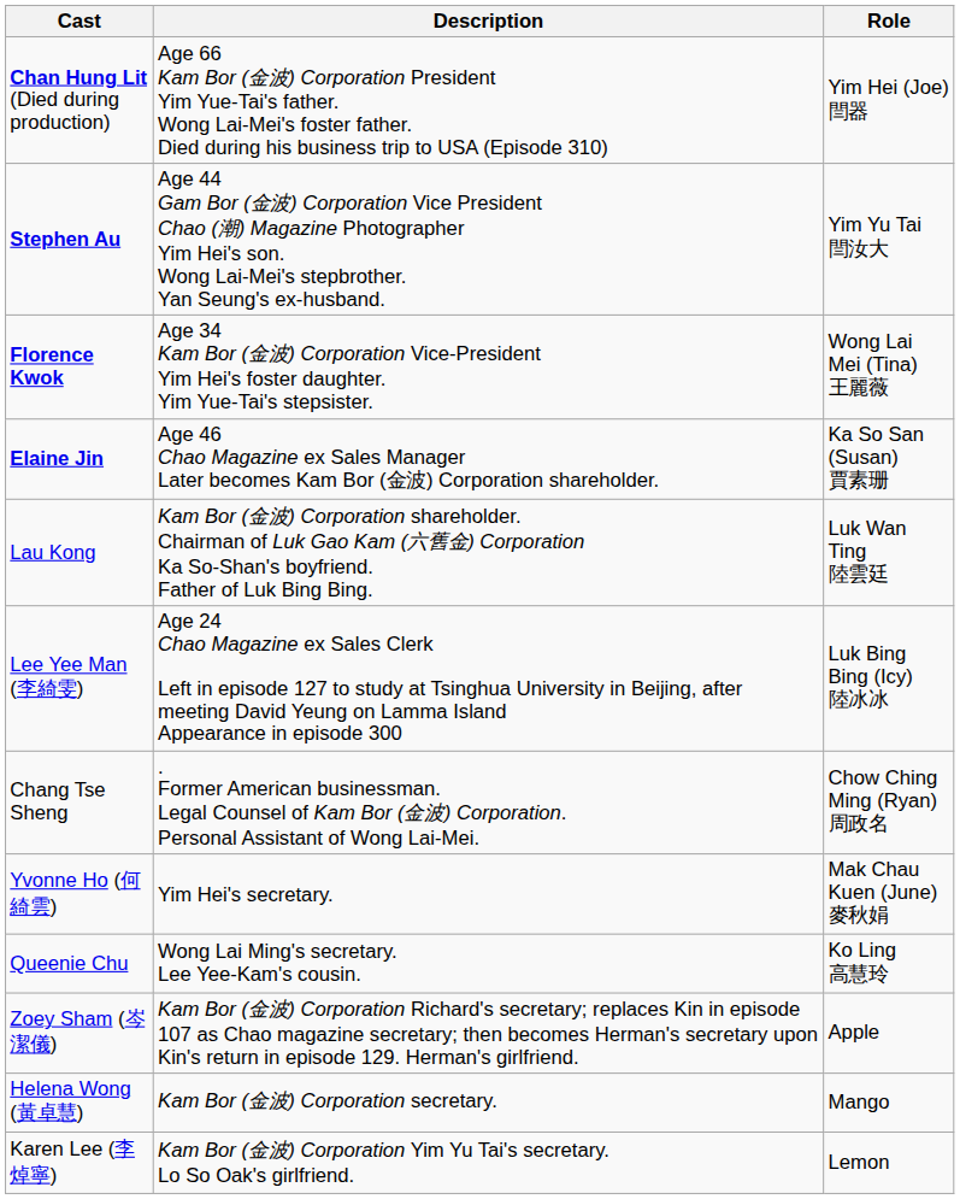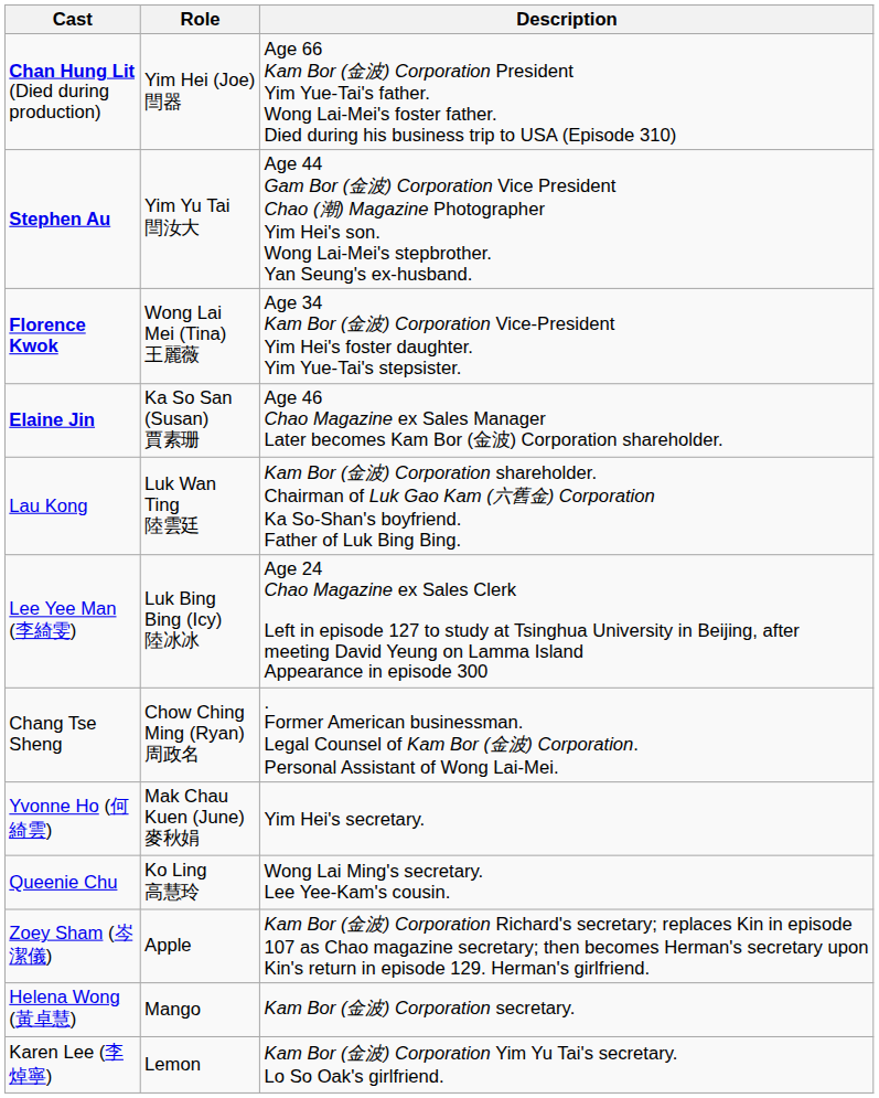 <table class="wikitable" width="60%">
 <tr>
 <th>Cast</th>
+<th>Role</th>
 <th>Description</th>
-<th>Role</th>
 </tr>
 <tr>
 <td><strong><a href='#'>Chan Hung Lit</a></strong><br>(Died during production)</td>
+<td>Yim Hei (Joe)<br> 閆器</td>
 <td>Age 66<br><em>Kam Bor (金波) Corporation</em> President <br> Yim Yue-Tai's father. <br> Wong Lai-Mei's foster father.<br>Died during his business trip to USA (Episode 310)</td>
-<td>Yim Hei (Joe)<br> 閆器</td>
 </tr>
 <tr>
 <td><strong><a href='#'>Stephen Au</a></strong></td>
+<td>Yim Yu Tai <br> 閆汝大</td>
 <td>Age 44<br><em>Gam Bor (金波) Corporation</em> Vice President <br> <em>Chao (潮) Magazine</em> Photographer <br> Yim Hei's son. <br> Wong Lai-Mei's stepbrother. <br> Yan Seung's ex-husband.</td>
-<td>Yim Yu Tai <br> 閆汝大</td>
 </tr>
 <tr>
 <td><strong><a href='#'>Florence Kwok</a></strong></td>
+<td>Wong Lai Mei (Tina) <br> 王麗薇</td>
 <td>Age 34<br><em>Kam Bor (金波) Corporation</em> Vice-President <br> Yim Hei's foster daughter. <br> Yim Yue-Tai's stepsister.</td>
-<td>Wong Lai Mei (Tina) <br> 王麗薇</td>
 </tr>
 <tr>
 <td><strong><a href='#'>Elaine Jin</a></strong></td>
+<td>Ka So San (Susan) <br> 賈素珊</td>
 <td>Age 46<br><em>Chao Magazine</em> ex Sales Manager <br>Later becomes Kam Bor (金波) Corporation shareholder.</td>
-<td>Ka So San (Susan) <br> 賈素珊</td>
 </tr>
 <tr>
 <td><a href='#'>Lau Kong</a></td>
+<td>Luk Wan Ting<br>陸雲廷</td>
 <td><em>Kam Bor (金波) Corporation</em> shareholder. <br> Chairman of <em>Luk Gao Kam (六舊金) Corporation</em> <br> Ka So-Shan's boyfriend. <br> Father of Luk Bing Bing.</td>
-<td>Luk Wan Ting<br>陸雲廷</td>
 </tr>
 <tr>
 <td><a href='#'>Lee Yee Man</a> (<a href='#'>李綺雯</a>)</td>
+<td>Luk Bing Bing (Icy) <br> 陸冰冰</td>
 <td>Age 24 <br> <em>Chao Magazine</em> ex Sales Clerk <br><br>Left in episode 127 to study at Tsinghua University in Beijing, after meeting David Yeung on Lamma Island <br> Appearance in episode 300</td>
-<td>Luk Bing Bing (Icy) <br> 陸冰冰</td>
 </tr>
 <tr>
 <td>Chang Tse Sheng</td>
+<td>Chow Ching Ming (Ryan) <br>周政名</td>
 <td>. <br> Former American businessman. <br> Legal Counsel of <em>Kam Bor (金波) Corporation</em>. <br> Personal Assistant of Wong Lai-Mei.</td>
-<td>Chow Ching Ming (Ryan) <br>周政名</td>
 </tr>
 <tr>
 <td><a href='#'>Yvonne Ho</a> (<a href='#'>何綺雲</a>)</td>
+<td>Mak Chau Kuen (June) <br> 麥秋娟</td>
 <td>Yim Hei's secretary.</td>
-<td>Mak Chau Kuen (June) <br> 麥秋娟</td>
 </tr>
 <tr>
 <td><a href='#'>Queenie Chu</a></td>
+<td>Ko Ling <br> 高慧玲</td>
 <td>Wong Lai Ming's secretary. <br> Lee Yee-Kam's cousin.</td>
-<td>Ko Ling <br> 高慧玲</td>
 </tr>
 <tr>
 <td><a href='#'>Zoey Sham</a> (<a href='#'>岑潔儀</a>)</td>
+<td>Apple</td>
 <td><em>Kam Bor (金波) Corporation</em> Richard's secretary; replaces Kin in episode 107 as Chao magazine secretary; then becomes Herman's secretary upon Kin's return in episode 129. Herman's girlfriend.</td>
-<td>Apple</td>
 </tr>
 <tr>
 <td><a href='#'>Helena Wong</a> (<a href='#'>黃卓慧</a>)</td>
+<td>Mango</td>
 <td><em>Kam Bor (金波) Corporation</em> secretary.</td>
-<td>Mango</td>
 </tr>
 <tr>
 <td>Karen Lee (<a href='#'>李焯寧</a>)</td>
+<td>Lemon</td>
 <td><em>Kam Bor (金波) Corporation</em> Yim Yu Tai's secretary. <br> Lo So Oak's girlfriend.</td>
-<td>Lemon</td>
 </tr>
 </table>
